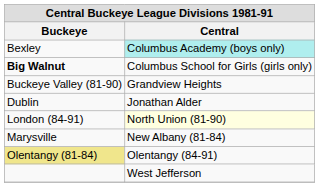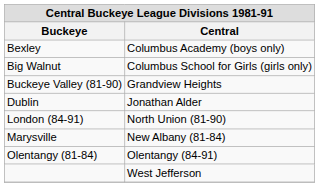 <table class="wikitable">
 <tr>
 <th colspan="4" style="background:#ddd;">Central Buckeye League Divisions 1981-91</th>
 </tr>
 <tr>
 <th>Buckeye</th>
 <th>Central</th>
 </tr>
 <tr>
 <td>Bexley</td>
-<td style="background: paleturquoise;">Columbus Academy (boys only)</td>
+<td>Columbus Academy (boys only)</td>
 </tr>
 <tr>
-<td><strong>Big Walnut</strong></td>
+<td>Big Walnut</td>
 <td>Columbus School for Girls (girls only)</td>
 </tr>
 <tr>
 <td>Buckeye Valley (81-90)</td>
 <td>Grandview Heights</td>
 </tr>
 <tr>
 <td>Dublin</td>
 <td>Jonathan Alder</td>
 </tr>
 <tr>
 <td>London (84-91)</td>
-<td style="background: lightyellow;">North Union (81-90)</td>
+<td>North Union (81-90)</td>
 </tr>
 <tr>
 <td>Marysville</td>
 <td>New Albany (81-84)</td>
 </tr>
 <tr>
-<td style="background: khaki;">Olentangy (81-84)</td>
+<td>Olentangy (81-84)</td>
 <td>Olentangy (84-91)</td>
 </tr>
 <tr>
 <td></td>
 <td>West Jefferson</td>
 </tr>
 <tr>
 </tr>
 </table>
